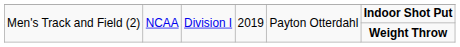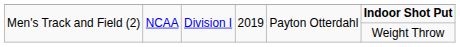 <table class="wikitable">
 <tr align="center">
 </tr>
 <tr align="center">
 <td rowspan="2">Men's Track and Field (2)</td>
 <td rowspan="2"><a href='#'>NCAA</a></td>
 <td rowspan="2"><a href='#'>Division I</a></td>
 <td rowspan="2">2019</td>
 <td rowspan="2">Payton Otterdahl</td>
 <td><strong>Indoor Shot Put</strong></td>
 </tr>
 <tr align="center">
-<td><strong>Weight Throw</strong></td>
+<td>Weight Throw</td>
 </tr>
 </table>
